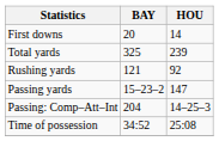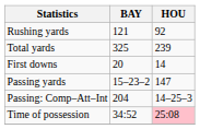 <table class="wikitable" style="float: left;">
 <tr>
 <th>Statistics</th>
 <th>BAY</th>
 <th>HOU</th>
 </tr>
 <tr>
-<td>First downs</td>
-<td>20</td>
-<td>14</td>
+<td>Rushing yards</td>
+<td>121</td>
+<td>92</td>
 </tr>
 <tr>
 <td>Total yards</td>
 <td>325</td>
 <td>239</td>
 </tr>
 <tr>
-<td>Rushing yards</td>
-<td>121</td>
-<td>92</td>
+<td>First downs</td>
+<td>20</td>
+<td>14</td>
 </tr>
 <tr>
 <td>Passing yards</td>
 <td>15–23–2</td>
 <td>147</td>
 </tr>
 <tr>
 <td>Passing: Comp–Att–Int</td>
 <td>204</td>
 <td>14–25–3</td>
 </tr>
 <tr>
 <td>Time of possession</td>
 <td>34:52</td>
-<td>25:08</td>
+<td style="background: pink;">25:08</td>
 </tr>
 <tr>
 </tr>
 </table>
